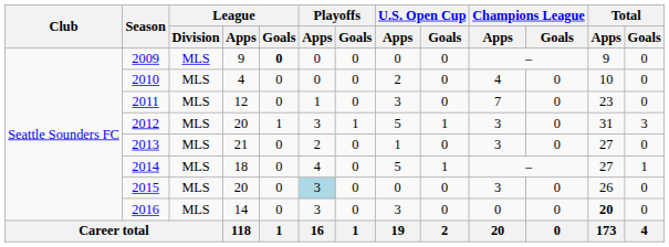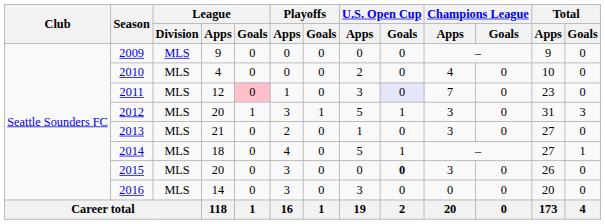 <table class="wikitable" style="text-align:center">
 <tr>
 <th rowspan="2">Club</th>
 <th rowspan="2">Season</th>
 <th colspan="3">League</th>
 <th colspan="2">Playoffs</th>
 <th colspan="2"><a href='#'>U.S. Open Cup</a></th>
 <th colspan="2"><a href='#'>Champions League</a></th>
 <th colspan="2">Total</th>
 </tr>
 <tr>
 <th>Division</th>
 <th>Apps</th>
 <th>Goals</th>
 <th>Apps</th>
 <th>Goals</th>
 <th>Apps</th>
 <th>Goals</th>
 <th>Apps</th>
 <th>Goals</th>
 <th>Apps</th>
 <th>Goals</th>
 </tr>
 <tr>
 <td rowspan="8"><a href='#'>Seattle Sounders FC</a></td>
 <td><a href='#'>2009</a></td>
 <td><a href='#'>MLS</a></td>
 <td>9</td>
-<td><strong>0</strong></td>
+<td>0</td>
 <td>0</td>
 <td>0</td>
 <td>0</td>
 <td>0</td>
 <td colspan="2">–</td>
 <td>9</td>
 <td>0</td>
 </tr>
 <tr>
 <td><a href='#'>2010</a></td>
 <td>MLS</td>
 <td>4</td>
 <td>0</td>
 <td>0</td>
 <td>0</td>
 <td>2</td>
 <td>0</td>
 <td>4</td>
 <td>0</td>
 <td>10</td>
 <td>0</td>
 </tr>
 <tr>
 <td><a href='#'>2011</a></td>
 <td>MLS</td>
 <td>12</td>
-<td>0</td>
+<td style="background: pink;">0</td>
 <td>1</td>
 <td>0</td>
 <td>3</td>
-<td>0</td>
+<td style="background: lavender;">0</td>
 <td>7</td>
 <td>0</td>
 <td>23</td>
 <td>0</td>
 </tr>
 <tr>
 <td><a href='#'>2012</a></td>
 <td>MLS</td>
 <td>20</td>
 <td>1</td>
 <td>3</td>
 <td>1</td>
 <td>5</td>
 <td>1</td>
 <td>3</td>
 <td>0</td>
 <td>31</td>
 <td>3</td>
 </tr>
 <tr>
 <td><a href='#'>2013</a></td>
 <td>MLS</td>
 <td>21</td>
 <td>0</td>
 <td>2</td>
 <td>0</td>
 <td>1</td>
 <td>0</td>
 <td>3</td>
 <td>0</td>
 <td>27</td>
 <td>0</td>
 </tr>
 <tr>
 <td><a href='#'>2014</a></td>
 <td>MLS</td>
 <td>18</td>
 <td>0</td>
 <td>4</td>
 <td>0</td>
 <td>5</td>
 <td>1</td>
 <td colspan="2">–</td>
 <td>27</td>
 <td>1</td>
 </tr>
 <tr>
 <td><a href='#'>2015</a></td>
 <td>MLS</td>
 <td>20</td>
 <td>0</td>
-<td style="background: lightblue;">3</td>
+<td>3</td>
 <td>0</td>
 <td>0</td>
-<td>0</td>
+<td><strong>0</strong></td>
 <td>3</td>
 <td>0</td>
 <td>26</td>
 <td>0</td>
 </tr>
 <tr>
 <td><a href='#'>2016</a></td>
 <td>MLS</td>
 <td>14</td>
 <td>0</td>
 <td>3</td>
 <td>0</td>
 <td>3</td>
 <td>0</td>
 <td>0</td>
 <td>0</td>
-<td><strong>20</strong></td>
+<td>20</td>
 <td>0</td>
 </tr>
 <tr>
 <th colspan="3">Career total</th>
 <th>118</th>
 <th>1</th>
 <th>16</th>
 <th>1</th>
 <th>19</th>
 <th>2</th>
 <th>20</th>
 <th>0</th>
 <th>173</th>
 <th>4</th>
 </tr>
 </table>
